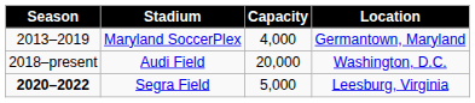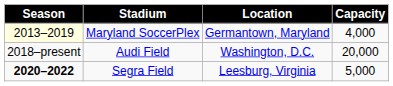 <table class="wikitable" style="text-align:center;margin-left:1em;">
 <tr>
 <th style="background:#000000; color:#FFFFFF; ">Season</th>
 <th style="background:#000000; color:#FFFFFF; ">Stadium</th>
+<th style="background:#000000; color:#FFFFFF; ">Location</th>
 <th style="background:#000000; color:#FFFFFF; ">Capacity</th>
-<th style="background:#000000; color:#FFFFFF; ">Location</th>
 </tr>
 <tr>
-<td>2013–2019</td>
+<td style="background: lightyellow;">2013–2019</td>
 <td><a href='#'>Maryland SoccerPlex</a></td>
+<td><a href='#'>Germantown, Maryland</a></td>
 <td>4,000</td>
-<td><a href='#'>Germantown, Maryland</a></td>
 </tr>
 <tr>
 <td>2018–present</td>
 <td><a href='#'>Audi Field</a></td>
+<td><a href='#'>Washington, D.C.</a></td>
 <td>20,000</td>
-<td><a href='#'>Washington, D.C.</a></td>
 </tr>
 <tr>
 <td><strong>2020–2022</strong></td>
 <td><a href='#'>Segra Field</a></td>
+<td><a href='#'>Leesburg, Virginia</a></td>
 <td>5,000</td>
-<td><a href='#'>Leesburg, Virginia</a></td>
 </tr>
 </table>
